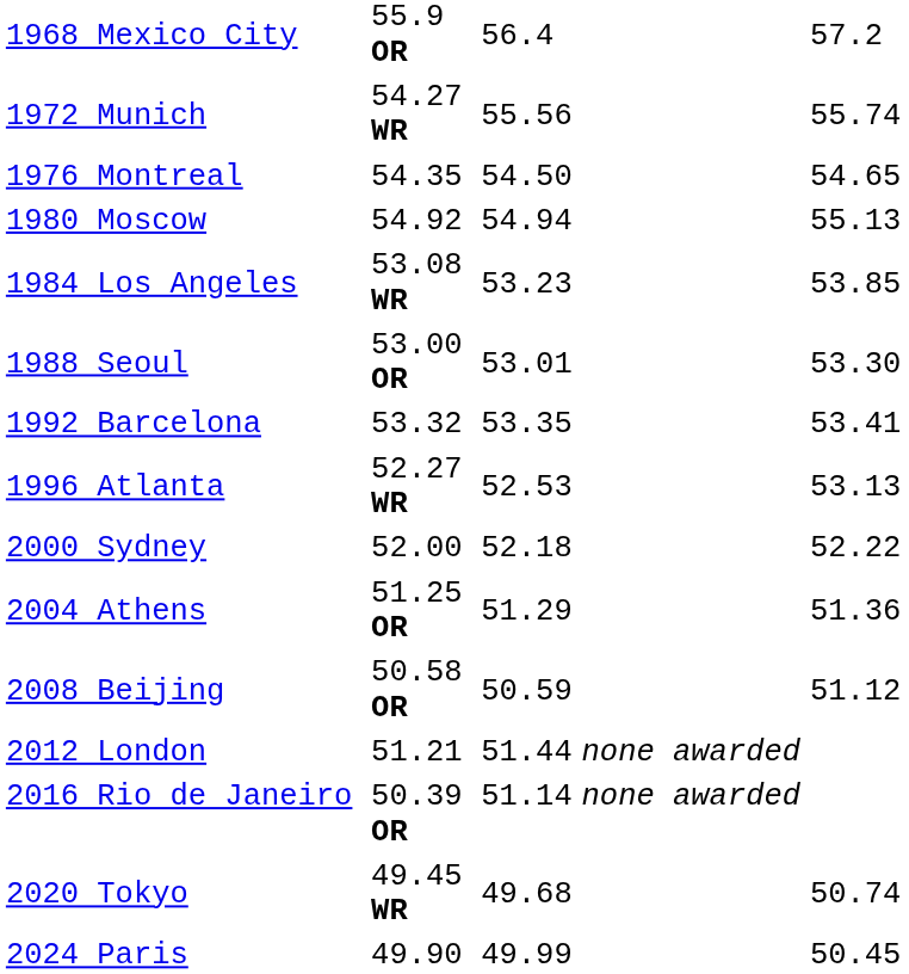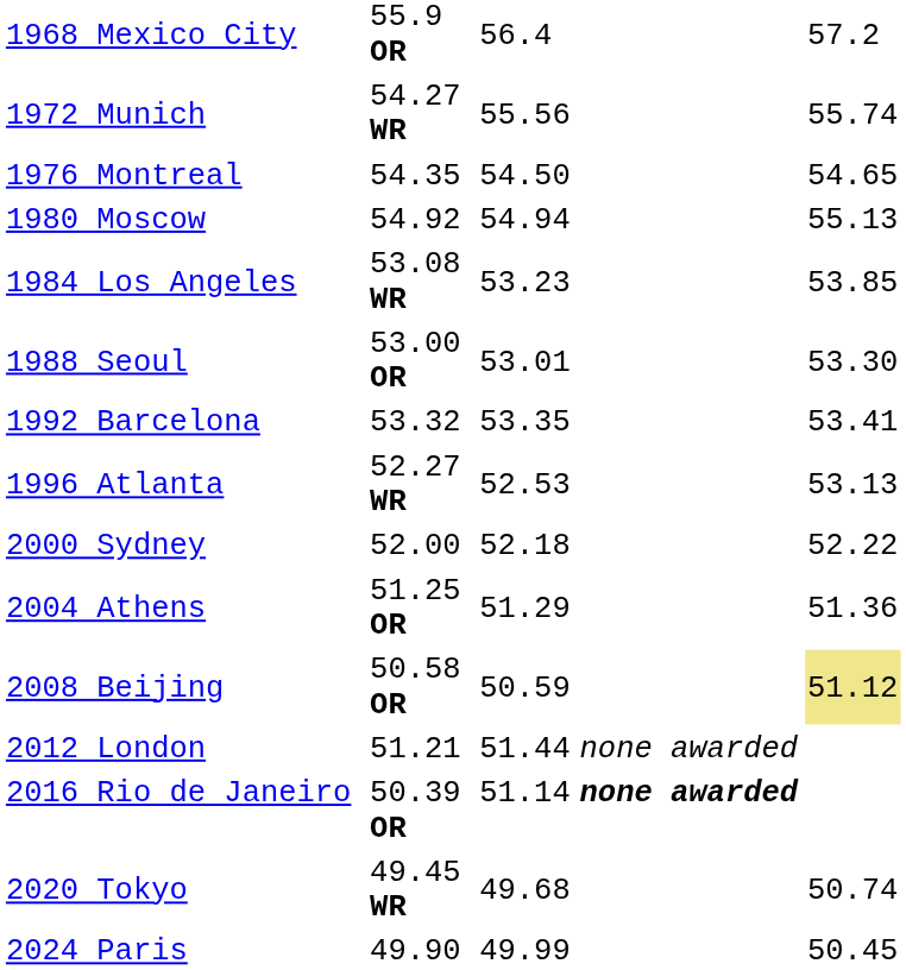 <table>
 <tr>
 <td><a href='#'>1968 Mexico City</a><br></td>
 <td></td>
 <td>55.9 <br> <strong>OR</strong></td>
 <td></td>
 <td>56.4</td>
 <td></td>
 <td>57.2</td>
 </tr>
 <tr>
 <td><a href='#'>1972 Munich</a><br></td>
 <td></td>
 <td>54.27 <br> <strong>WR</strong></td>
 <td></td>
 <td>55.56</td>
 <td></td>
 <td>55.74</td>
 </tr>
 <tr>
 <td><a href='#'>1976 Montreal</a><br></td>
 <td></td>
 <td>54.35</td>
 <td></td>
 <td>54.50</td>
 <td></td>
 <td>54.65</td>
 </tr>
 <tr>
 <td><a href='#'>1980 Moscow</a><br></td>
 <td></td>
 <td>54.92</td>
 <td></td>
 <td>54.94</td>
 <td></td>
 <td>55.13</td>
 </tr>
 <tr>
 <td><a href='#'>1984 Los Angeles</a><br></td>
 <td></td>
 <td>53.08 <br> <strong>WR</strong></td>
 <td></td>
 <td>53.23</td>
 <td></td>
 <td>53.85</td>
 </tr>
 <tr>
 <td><a href='#'>1988 Seoul</a><br></td>
 <td></td>
 <td>53.00 <br> <strong>OR</strong></td>
 <td></td>
 <td>53.01</td>
 <td></td>
 <td>53.30</td>
 </tr>
 <tr>
 <td><a href='#'>1992 Barcelona</a><br></td>
 <td></td>
 <td>53.32</td>
 <td></td>
 <td>53.35</td>
 <td></td>
 <td>53.41</td>
 </tr>
 <tr>
 <td><a href='#'>1996 Atlanta</a><br></td>
 <td></td>
 <td>52.27 <br> <strong>WR</strong></td>
 <td></td>
 <td>52.53</td>
 <td></td>
 <td>53.13</td>
 </tr>
 <tr>
 <td><a href='#'>2000 Sydney</a><br></td>
 <td></td>
 <td>52.00</td>
 <td></td>
 <td>52.18</td>
 <td></td>
 <td>52.22</td>
 </tr>
 <tr>
 <td><a href='#'>2004 Athens</a><br></td>
 <td></td>
 <td>51.25 <br> <strong>OR</strong></td>
 <td></td>
 <td>51.29</td>
 <td></td>
 <td>51.36</td>
 </tr>
 <tr>
 <td><a href='#'>2008 Beijing</a><br></td>
 <td></td>
 <td>50.58 <br> <strong>OR</strong></td>
 <td></td>
 <td>50.59</td>
 <td></td>
-<td>51.12</td>
+<td style="background: khaki;">51.12</td>
 </tr>
 <tr valign="top">
 <td><a href='#'>2012 London</a><br></td>
 <td></td>
 <td>51.21</td>
 <td> <br> </td>
 <td>51.44</td>
 <td><em>none awarded</em></td>
 <td></td>
 </tr>
 <tr valign="top">
 <td><a href='#'>2016 Rio de Janeiro</a><br></td>
 <td></td>
 <td>50.39 <br> <strong>OR</strong></td>
 <td> <br>  <br> </td>
 <td>51.14</td>
-<td><em>none awarded</em></td>
+<td><strong><em>none awarded</em></strong></td>
 <td></td>
 </tr>
 <tr>
 <td><a href='#'>2020 Tokyo</a><br></td>
 <td></td>
 <td>49.45 <br> <strong>WR</strong></td>
 <td></td>
 <td>49.68</td>
 <td></td>
 <td>50.74</td>
 </tr>
 <tr>
 <td><a href='#'>2024 Paris</a><br></td>
 <td></td>
 <td>49.90</td>
 <td></td>
 <td>49.99</td>
 <td></td>
 <td>50.45</td>
 </tr>
 <tr>
 </tr>
 </table>
